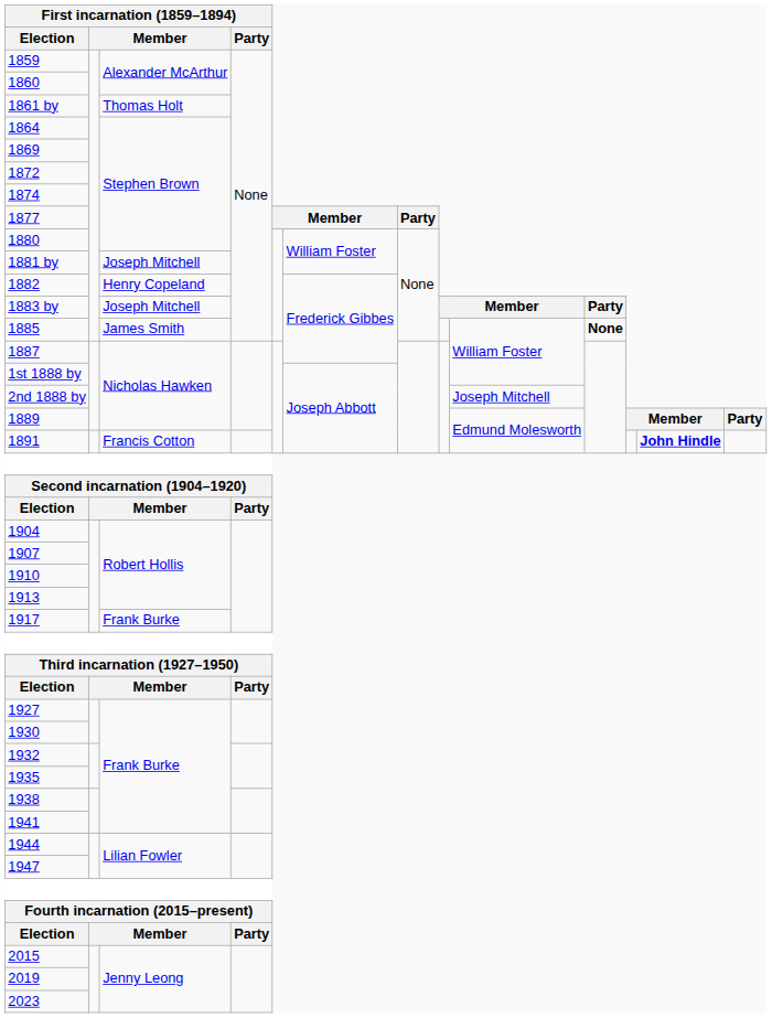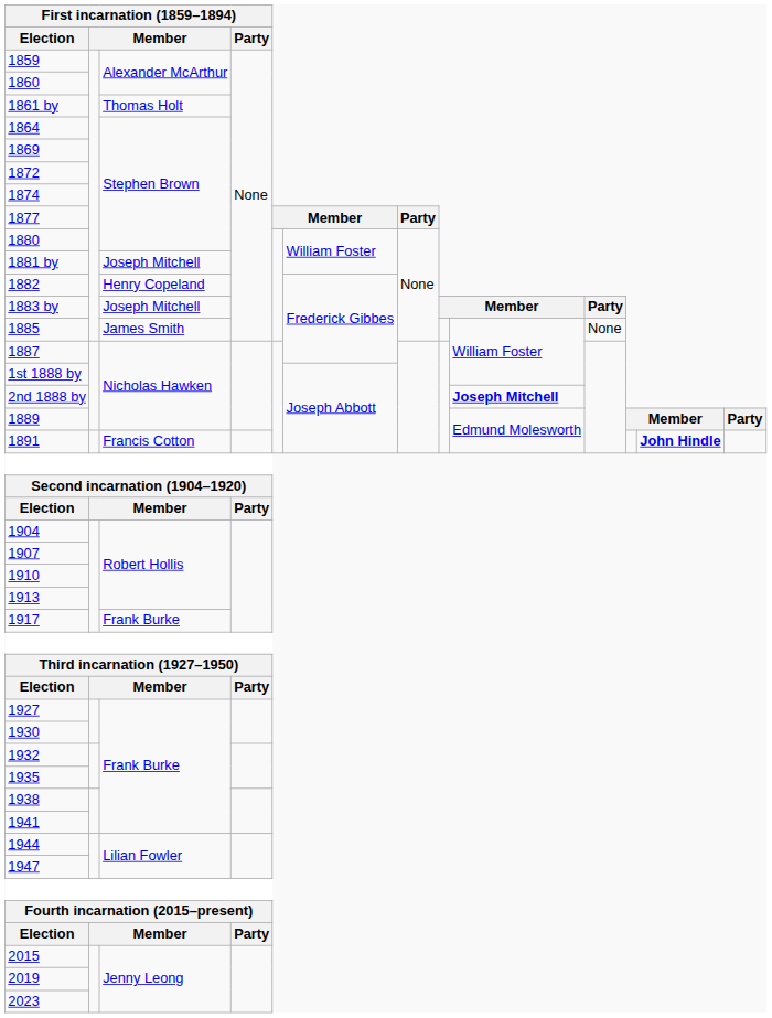 <table class="wikitable" style='border-style: none none none none;'>
 <tr>
 <th colspan="4">First incarnation (1859–1894)</th>
 </tr>
 <tr>
 <th>Election</th>
 <th colspan="2">Member</th>
 <th>Party</th>
 </tr>
 <tr style="background: #f9f9f9">
 <td><a href='#'>1859</a></td>
 <td rowspan="13" > </td>
 <td rowspan="2"><a href='#'>Alexander McArthur</a></td>
 <td rowspan="13">None</td>
 </tr>
 <tr style="background: #f9f9f9">
 <td><a href='#'>1860</a></td>
 </tr>
 <tr style="background: #f9f9f9">
 <td><a href='#'>1861 by</a></td>
 <td><a href='#'>Thomas Holt</a></td>
 </tr>
 <tr style="background: #f9f9f9">
 <td><a href='#'>1864</a></td>
 <td rowspan="6"><a href='#'>Stephen Brown</a></td>
 </tr>
 <tr style="background: #f9f9f9">
 <td><a href='#'>1869</a></td>
 </tr>
 <tr style="background: #f9f9f9">
 <td><a href='#'>1872</a></td>
 </tr>
 <tr style="background: #f9f9f9">
 <td><a href='#'>1874</a></td>
 </tr>
 <tr style="background: #f9f9f9">
 <td><a href='#'>1877</a></td>
 <th colspan="2">Member</th>
 <th>Party</th>
 </tr>
 <tr style="background: #f9f9f9">
 <td><a href='#'>1880</a></td>
 <td rowspan="5" > </td>
 <td rowspan="2"><a href='#'>William Foster</a></td>
 <td rowspan="5">None</td>
 </tr>
 <tr style="background: #f9f9f9">
 <td><a href='#'>1881 by</a></td>
 <td><a href='#'>Joseph Mitchell</a></td>
 </tr>
 <tr style="background: #f9f9f9">
 <td><a href='#'>1882</a></td>
 <td><a href='#'>Henry Copeland</a></td>
 <td rowspan="4"><a href='#'>Frederick Gibbes</a></td>
 </tr>
 <tr style="background: #f9f9f9">
 <td><a href='#'>1883 by</a></td>
 <td><a href='#'>Joseph Mitchell</a></td>
 <th colspan="2">Member</th>
 <th>Party</th>
 </tr>
 <tr style="background: #f9f9f9">
 <td><a href='#'>1885</a></td>
 <td><a href='#'>James Smith</a></td>
 <td> </td>
 <td rowspan="3"><a href='#'>William Foster</a></td>
-<td><strong>None</strong></td>
+<td>None</td>
 </tr>
 <tr style="background: #f9f9f9">
 <td><a href='#'>1887</a></td>
 <td rowspan="4" > </td>
 <td rowspan="4"><a href='#'>Nicholas Hawken</a></td>
 <td rowspan="4"></td>
 <td rowspan="5" > </td>
 <td rowspan="5"></td>
 <td rowspan="5" > </td>
 <td rowspan="5"></td>
 </tr>
 <tr style="background: #f9f9f9">
 <td><a href='#'>1st 1888 by</a></td>
 <td rowspan="4"><a href='#'>Joseph Abbott</a></td>
 </tr>
 <tr style="background: #f9f9f9">
 <td><a href='#'>2nd 1888 by</a></td>
-<td><a href='#'>Joseph Mitchell</a></td>
+<td><strong><a href='#'>Joseph Mitchell</a></strong></td>
 </tr>
 <tr style="background: #f9f9f9">
 <td><a href='#'>1889</a></td>
 <td rowspan="2"><a href='#'>Edmund Molesworth</a></td>
 <th colspan="2">Member</th>
 <th>Party</th>
 </tr>
 <tr style="background: #f9f9f9">
 <td><a href='#'>1891</a></td>
 <td> </td>
 <td><a href='#'>Francis Cotton</a></td>
 <td></td>
 <td> </td>
 <td><strong><a href='#'>John Hindle</a></strong></td>
 <td></td>
 </tr>
 <tr>
 <td colspan="4" style='background: #FFFFFF; border-style: none none none none;'> </td>
 </tr>
 <tr>
 <th colspan="4">Second incarnation (1904–1920)</th>
 </tr>
 <tr style="background: #f9f9f9">
 <th>Election</th>
 <th colspan="2">Member</th>
 <th>Party</th>
 </tr>
 <tr style="background: #f9f9f9">
 <td><a href='#'>1904</a></td>
 <td rowspan="5" > </td>
 <td rowspan="4"><a href='#'>Robert Hollis</a></td>
 <td rowspan="5"></td>
 </tr>
 <tr style="background: #f9f9f9">
 <td><a href='#'>1907</a></td>
 </tr>
 <tr style="background: #f9f9f9">
 <td><a href='#'>1910</a></td>
 </tr>
 <tr style="background: #f9f9f9">
 <td><a href='#'>1913</a></td>
 </tr>
 <tr style="background: #f9f9f9">
 <td><a href='#'>1917</a></td>
 <td><a href='#'>Frank Burke</a></td>
 </tr>
 <tr>
 <td colspan="4" style='background: #FFFFFF; border-style: none none none none;'> </td>
 </tr>
 <tr>
 <th colspan="4">Third incarnation (1927–1950)</th>
 </tr>
 <tr style="background: #f9f9f9">
 <th>Election</th>
 <th colspan="2">Member</th>
 <th>Party</th>
 </tr>
 <tr style="background: #f9f9f9">
 <td><a href='#'>1927</a></td>
 <td rowspan="2" > </td>
 <td rowspan="6"><a href='#'>Frank Burke</a></td>
 <td rowspan="2"></td>
 </tr>
 <tr style="background: #f9f9f9">
 <td><a href='#'>1930</a></td>
 </tr>
 <tr style="background: #f9f9f9">
 <td><a href='#'>1932</a></td>
 <td rowspan="2" > </td>
 <td rowspan="2"></td>
 </tr>
 <tr style="background: #f9f9f9">
 <td><a href='#'>1935</a></td>
 </tr>
 <tr style="background: #f9f9f9">
 <td><a href='#'>1938</a></td>
 <td rowspan="2" > </td>
 <td rowspan="2"></td>
 </tr>
 <tr style="background: #f9f9f9">
 <td><a href='#'>1941</a></td>
 </tr>
 <tr style="background: #f9f9f9">
 <td><a href='#'>1944</a></td>
 <td rowspan="2" > </td>
 <td rowspan="2"><a href='#'>Lilian Fowler</a></td>
 <td rowspan="2"></td>
 </tr>
 <tr style="background: #f9f9f9">
 <td><a href='#'>1947</a></td>
 </tr>
 <tr>
 <td colspan="4" style='background: #FFFFFF; border-style: none none none none;'> </td>
 </tr>
 <tr>
 <th colspan="4">Fourth incarnation (2015–present)</th>
 </tr>
 <tr style="background: #f9f9f9">
 <th>Election</th>
 <th colspan="2">Member</th>
 <th>Party</th>
 </tr>
 <tr style="background: #f9f9f9">
 <td><a href='#'>2015</a></td>
 <td rowspan="3" > </td>
 <td rowspan="3"><a href='#'>Jenny Leong</a></td>
 <td rowspan="3"></td>
 </tr>
 <tr style="background: #f9f9f9">
 <td><a href='#'>2019</a></td>
 </tr>
 <tr>
 <td><a href='#'>2023</a></td>
 </tr>
 </table>
